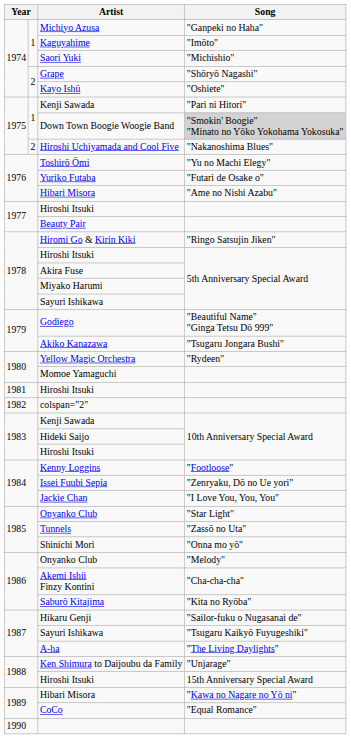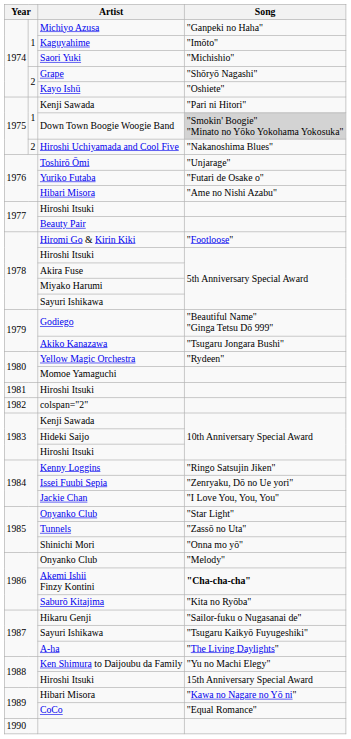 <table class="wikitable">
 <tr>
 <th colspan="2">Year</th>
 <th>Artist</th>
 <th>Song</th>
 </tr>
 <tr>
 <td rowspan="5">1974</td>
 <td rowspan="3">1</td>
 <td><a href='#'>Michiyo Azusa</a></td>
 <td>"Ganpeki no Haha"</td>
 </tr>
 <tr>
 <td><a href='#'>Kaguyahime</a></td>
 <td>"Imōto"</td>
 </tr>
 <tr>
 <td><a href='#'>Saori Yuki</a></td>
 <td>"Michishio"</td>
 </tr>
 <tr>
 <td rowspan="2">2</td>
 <td><a href='#'>Grape</a></td>
 <td>"Shōryō Nagashi"</td>
 </tr>
 <tr>
 <td><a href='#'>Kayo Ishū</a></td>
 <td>"Oshiete"</td>
 </tr>
 <tr>
 <td rowspan="3">1975</td>
 <td rowspan="2">1</td>
 <td>Kenji Sawada</td>
 <td>"Pari ni Hitori"</td>
 </tr>
 <tr>
 <td>Down Town Boogie Woogie Band</td>
 <td style="background: lightgrey;">"Smokin' Boogie"<br>"Minato no Yōko Yokohama Yokosuka"</td>
 </tr>
 <tr>
 <td>2</td>
 <td><a href='#'>Hiroshi Uchiyamada and Cool Five</a></td>
 <td>"Nakanoshima Blues"</td>
 </tr>
 <tr>
 <td colspan="2" rowspan="3">1976</td>
 <td><a href='#'>Toshirō Ōmi</a></td>
-<td>"Yu no Machi Elegy"</td>
+<td>"Unjarage"</td>
 </tr>
 <tr>
 <td><a href='#'>Yuriko Futaba</a></td>
 <td>"Futari de Osake o"</td>
 </tr>
 <tr>
 <td><a href='#'>Hibari Misora</a></td>
 <td>"Ame no Nishi Azabu"</td>
 </tr>
 <tr>
 <td colspan="2" rowspan="2">1977</td>
 <td>Hiroshi Itsuki</td>
 <td></td>
 </tr>
 <tr>
 <td><a href='#'>Beauty Pair</a></td>
 <td></td>
 </tr>
 <tr>
 <td colspan="2" rowspan="5">1978</td>
 <td><a href='#'>Hiromi Go</a> & <a href='#'>Kirin Kiki</a></td>
-<td>"Ringo Satsujin Jiken"</td>
+<td>"<a href='#'>Footloose</a>"</td>
 </tr>
 <tr>
 <td>Hiroshi Itsuki</td>
 <td rowspan="4">5th Anniversary Special Award</td>
 </tr>
 <tr>
 <td>Akira Fuse</td>
 </tr>
 <tr>
 <td>Miyako Harumi</td>
 </tr>
 <tr>
 <td>Sayuri Ishikawa</td>
 </tr>
 <tr>
 <td colspan="2" rowspan="2">1979</td>
 <td><a href='#'>Godiego</a></td>
 <td>"Beautiful Name"<br>"Ginga Tetsu Dō 999"</td>
 </tr>
 <tr>
 <td><a href='#'>Akiko Kanazawa</a></td>
 <td>"Tsugaru Jongara Bushi"</td>
 </tr>
 <tr>
 <td colspan="2" rowspan="2">1980</td>
 <td><a href='#'>Yellow Magic Orchestra</a></td>
 <td>"Rydeen"</td>
 </tr>
 <tr>
 <td>Momoe Yamaguchi</td>
 <td></td>
 </tr>
 <tr>
 <td colspan="2">1981</td>
 <td>Hiroshi Itsuki</td>
 <td></td>
 </tr>
 <tr>
 <td colspan="2">1982</td>
 <td>colspan="2" </td>
 </tr>
 <tr>
 <td colspan="2" rowspan="3">1983</td>
 <td>Kenji Sawada</td>
 <td rowspan="3">10th Anniversary Special Award</td>
 </tr>
 <tr>
 <td>Hideki Saijo</td>
 </tr>
 <tr>
 <td>Hiroshi Itsuki</td>
 </tr>
 <tr>
 <td colspan="2" rowspan="3">1984</td>
 <td><a href='#'>Kenny Loggins</a></td>
-<td>"<a href='#'>Footloose</a>"</td>
+<td>"Ringo Satsujin Jiken"</td>
 </tr>
 <tr>
 <td><a href='#'>Issei Fuubi Sepia</a></td>
 <td>"Zenryaku, Dō no Ue yori"</td>
 </tr>
 <tr>
 <td><a href='#'>Jackie Chan</a></td>
 <td>"I Love You, You, You"</td>
 </tr>
 <tr>
 <td colspan="2" rowspan="3">1985</td>
 <td><a href='#'>Onyanko Club</a></td>
 <td>"Star Light"</td>
 </tr>
 <tr>
 <td><a href='#'>Tunnels</a></td>
 <td>"Zassō no Uta"</td>
 </tr>
 <tr>
 <td>Shinichi Mori</td>
 <td>"Onna mo yō"</td>
 </tr>
 <tr>
 <td colspan="2" rowspan="3">1986</td>
 <td>Onyanko Club</td>
 <td>"Melody"</td>
 </tr>
 <tr>
 <td><a href='#'>Akemi Ishii</a><br>Finzy Kontini</td>
-<td>"Cha-cha-cha"</td>
+<td><strong>"Cha-cha-cha"</strong></td>
 </tr>
 <tr>
 <td><a href='#'>Saburō Kitajima</a></td>
 <td>"Kita no Ryōba"</td>
 </tr>
 <tr>
 <td colspan="2" rowspan="3">1987</td>
 <td>Hikaru Genji</td>
 <td>"Sailor-fuku o Nugasanai de"</td>
 </tr>
 <tr>
 <td>Sayuri Ishikawa</td>
 <td>"Tsugaru Kaikyō Fuyugeshiki"</td>
 </tr>
 <tr>
 <td><a href='#'>A-ha</a></td>
 <td>"<a href='#'>The Living Daylights</a>"</td>
 </tr>
 <tr>
 <td colspan="2" rowspan="2">1988</td>
 <td><a href='#'>Ken Shimura</a> to Daijoubu da Family</td>
-<td>"Unjarage"</td>
+<td>"Yu no Machi Elegy"</td>
 </tr>
 <tr>
 <td>Hiroshi Itsuki</td>
 <td>15th Anniversary Special Award</td>
 </tr>
 <tr>
 <td colspan="2" rowspan="2">1989</td>
 <td>Hibari Misora</td>
 <td>"<a href='#'>Kawa no Nagare no Yō ni</a>"</td>
 </tr>
 <tr>
 <td><a href='#'>CoCo</a></td>
 <td>"Equal Romance"</td>
 </tr>
 <tr>
 <td colspan="2">1990</td>
 <td></td>
 <td></td>
 </tr>
 </table>
